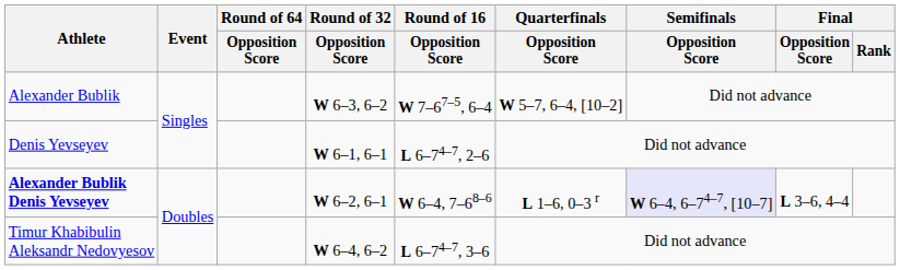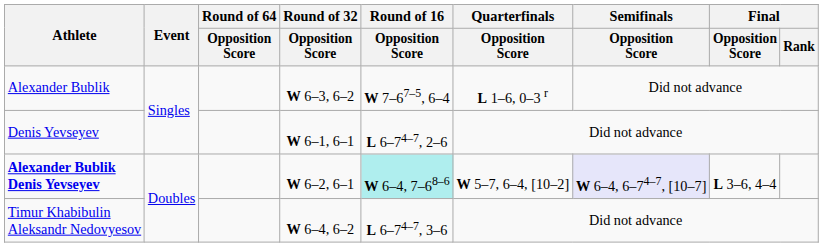 <table class=wikitable style="font-size:90%; text-align:center;">
 <tr>
 <th rowspan="2">Athlete</th>
 <th rowspan="2">Event</th>
 <th>Round of 64</th>
 <th>Round of 32</th>
 <th>Round of 16</th>
 <th>Quarterfinals</th>
 <th>Semifinals</th>
 <th colspan=2>Final</th>
 </tr>
 <tr style="font-size:95%">
 <th>Opposition<br>Score</th>
 <th>Opposition<br>Score</th>
 <th>Opposition<br>Score</th>
 <th>Opposition<br>Score</th>
 <th>Opposition<br>Score</th>
 <th>Opposition<br>Score</th>
 <th>Rank</th>
 </tr>
 <tr>
 <td align=left><a href='#'>Alexander Bublik</a></td>
 <td align=left rowspan=2><a href='#'>Singles</a></td>
 <td></td>
 <td><br><strong>W</strong> 6–3, 6–2</td>
 <td><br><strong>W</strong> 7–6<sup>7–5</sup>, 6–4</td>
-<td><br><strong>W</strong> 5–7, 6–4, [10–2]</td>
+<td><br><strong>L</strong> 1–6, 0–3 <sup>r</sup></td>
 <td colspan=3>Did not advance</td>
 </tr>
 <tr>
 <td align=left><a href='#'>Denis Yevseyev</a></td>
 <td></td>
 <td><br><strong>W</strong> 6–1, 6–1</td>
 <td><br><strong>L</strong> 6–7<sup>4–7</sup>, 2–6</td>
 <td colspan=4>Did not advance</td>
 </tr>
 <tr>
 <td align=left><strong><a href='#'>Alexander Bublik</a><br><a href='#'>Denis Yevseyev</a></strong></td>
 <td align=left rowspan=2><a href='#'>Doubles</a></td>
 <td></td>
 <td><br><strong>W</strong> 6–2, 6–1</td>
-<td><br><strong>W</strong> 6–4, 7–6<sup>8–6</sup></td>
-<td><br><strong>L</strong> 1–6, 0–3 <sup>r</sup></td>
+<td style="background: paleturquoise;"><br><strong>W</strong> 6–4, 7–6<sup>8–6</sup></td>
+<td><br><strong>W</strong> 5–7, 6–4, [10–2]</td>
 <td style="background: lavender;"><br><strong>W</strong> 6–4, 6–7<sup>4–7</sup>, [10–7]</td>
 <td><br><strong>L</strong> 3–6, 4–4</td>
 <td></td>
 </tr>
 <tr>
 <td align=left><a href='#'>Timur Khabibulin</a><br><a href='#'>Aleksandr Nedovyesov</a></td>
 <td></td>
 <td><br><strong>W</strong> 6–4, 6–2</td>
 <td><br><strong>L</strong> 6–7<sup>4–7</sup>, 3–6</td>
 <td colspan=4>Did not advance</td>
 </tr>
 </table>
